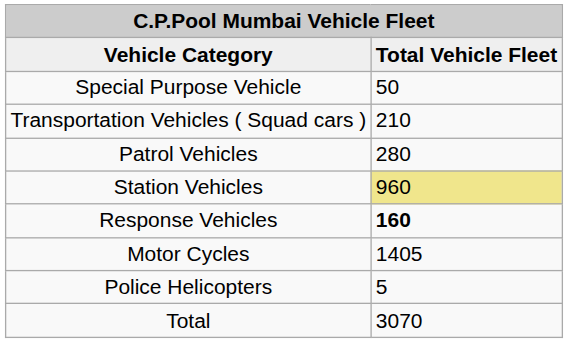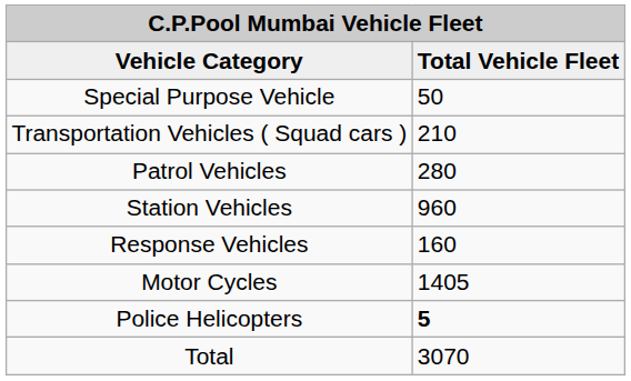 <table class="wikitable" style="margin:0 0 1em 1em; border:0 solid  #ccc; font-family:Arial, Helvetica;">
 <tr style="background:#ccc;">
 <td style="text-align:center;" colspan="3"><strong>C.P.Pool Mumbai Vehicle Fleet</strong></td>
 </tr>
 <tr style="background:#efefef; text-align:center;">
 <td style="text-align:center;"><strong>Vehicle Category</strong></td>
 <td style="text-align:center;"><strong>Total Vehicle Fleet</strong></td>
 </tr>
 <tr>
 <td style="text-align:center;">Special Purpose Vehicle</td>
 <td>50</td>
 </tr>
 <tr>
 <td style="text-align:center;">Transportation Vehicles ( Squad cars )</td>
 <td>210</td>
 </tr>
 <tr>
 <td style="text-align:center;">Patrol  Vehicles</td>
 <td>280</td>
 </tr>
 <tr>
 <td style="text-align:center;">Station Vehicles</td>
-<td style="background: khaki;">960</td>
+<td>960</td>
 </tr>
 <tr>
 <td style="text-align:center;">Response Vehicles</td>
-<td><strong>160</strong></td>
+<td>160</td>
 </tr>
 <tr>
 <td style="text-align:center;">Motor Cycles</td>
 <td>1405</td>
 </tr>
 <tr>
 <td style="text-align:center;">Police Helicopters</td>
-<td>5</td>
+<td><strong>5</strong></td>
 </tr>
 <tr>
 <td style="text-align:center;">Total</td>
 <td>3070</td>
 </tr>
 </table>
